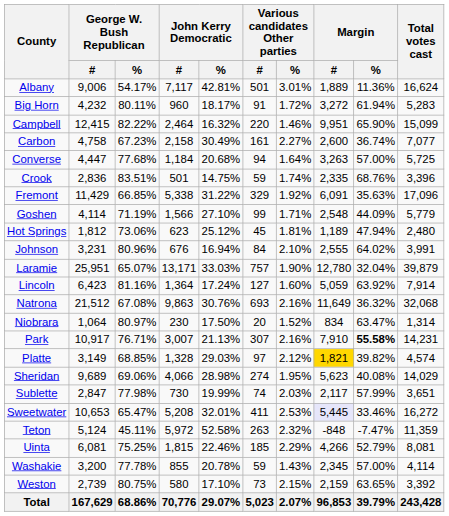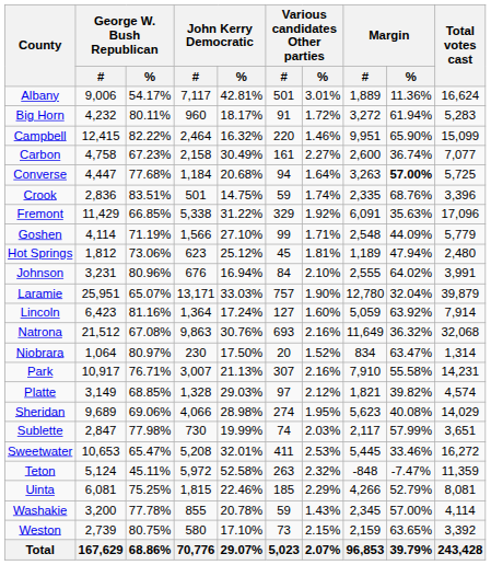 <table width="60%" class="wikitable sortable" style="text-align:center">
 <tr>
 <th style="text-align:center;" rowspan="2">County</th>
 <th style="text-align:center;" colspan="2">George W. Bush<br>Republican</th>
 <th style="text-align:center;" colspan="2">John Kerry<br>Democratic</th>
 <th style="text-align:center;" colspan="2">Various candidates<br>Other parties</th>
 <th style="text-align:center;" colspan="2">Margin</th>
 <th style="text-align:center;" rowspan="2" style="text-align:center;">Total votes cast</th>
 </tr>
 <tr>
 <th style="text-align:center;" data-sort-type="number">#</th>
 <th style="text-align:center;" data-sort-type="number">%</th>
 <th style="text-align:center;" data-sort-type="number">#</th>
 <th style="text-align:center;" data-sort-type="number">%</th>
 <th style="text-align:center;" data-sort-type="number">#</th>
 <th style="text-align:center;" data-sort-type="number">%</th>
 <th style="text-align:center;" data-sort-type="number">#</th>
 <th style="text-align:center;" data-sort-type="number">%</th>
 </tr>
 <tr style="text-align:center;">
 <td><a href='#'>Albany</a></td>
 <td>9,006</td>
 <td>54.17%</td>
 <td>7,117</td>
 <td>42.81%</td>
 <td>501</td>
 <td>3.01%</td>
 <td>1,889</td>
 <td>11.36%</td>
 <td>16,624</td>
 </tr>
 <tr style="text-align:center;">
 <td><a href='#'>Big Horn</a></td>
 <td>4,232</td>
 <td>80.11%</td>
 <td>960</td>
 <td>18.17%</td>
 <td>91</td>
 <td>1.72%</td>
 <td>3,272</td>
 <td>61.94%</td>
 <td>5,283</td>
 </tr>
 <tr style="text-align:center;">
 <td><a href='#'>Campbell</a></td>
 <td>12,415</td>
 <td>82.22%</td>
 <td>2,464</td>
 <td>16.32%</td>
 <td>220</td>
 <td>1.46%</td>
 <td>9,951</td>
 <td>65.90%</td>
 <td>15,099</td>
 </tr>
 <tr style="text-align:center;">
 <td><a href='#'>Carbon</a></td>
 <td>4,758</td>
 <td>67.23%</td>
 <td>2,158</td>
 <td>30.49%</td>
 <td>161</td>
 <td>2.27%</td>
 <td>2,600</td>
 <td>36.74%</td>
 <td>7,077</td>
 </tr>
 <tr style="text-align:center;">
 <td><a href='#'>Converse</a></td>
 <td>4,447</td>
 <td>77.68%</td>
 <td>1,184</td>
 <td>20.68%</td>
 <td>94</td>
 <td>1.64%</td>
 <td>3,263</td>
-<td>57.00%</td>
+<td><strong>57.00%</strong></td>
 <td>5,725</td>
 </tr>
 <tr style="text-align:center;">
 <td><a href='#'>Crook</a></td>
 <td>2,836</td>
 <td>83.51%</td>
 <td>501</td>
 <td>14.75%</td>
 <td>59</td>
 <td>1.74%</td>
 <td>2,335</td>
 <td>68.76%</td>
 <td>3,396</td>
 </tr>
 <tr style="text-align:center;">
 <td><a href='#'>Fremont</a></td>
 <td>11,429</td>
 <td>66.85%</td>
 <td>5,338</td>
 <td>31.22%</td>
 <td>329</td>
 <td>1.92%</td>
 <td>6,091</td>
 <td>35.63%</td>
 <td>17,096</td>
 </tr>
 <tr style="text-align:center;">
 <td><a href='#'>Goshen</a></td>
 <td>4,114</td>
 <td>71.19%</td>
 <td>1,566</td>
 <td>27.10%</td>
 <td>99</td>
 <td>1.71%</td>
 <td>2,548</td>
 <td>44.09%</td>
 <td>5,779</td>
 </tr>
 <tr style="text-align:center;">
 <td><a href='#'>Hot Springs</a></td>
 <td>1,812</td>
 <td>73.06%</td>
 <td>623</td>
 <td>25.12%</td>
 <td>45</td>
 <td>1.81%</td>
 <td>1,189</td>
 <td>47.94%</td>
 <td>2,480</td>
 </tr>
 <tr style="text-align:center;">
 <td><a href='#'>Johnson</a></td>
 <td>3,231</td>
 <td>80.96%</td>
 <td>676</td>
 <td>16.94%</td>
 <td>84</td>
 <td>2.10%</td>
 <td>2,555</td>
 <td>64.02%</td>
 <td>3,991</td>
 </tr>
 <tr style="text-align:center;">
 <td><a href='#'>Laramie</a></td>
 <td>25,951</td>
 <td>65.07%</td>
 <td>13,171</td>
 <td>33.03%</td>
 <td>757</td>
 <td>1.90%</td>
 <td>12,780</td>
 <td>32.04%</td>
 <td>39,879</td>
 </tr>
 <tr style="text-align:center;">
 <td><a href='#'>Lincoln</a></td>
 <td>6,423</td>
 <td>81.16%</td>
 <td>1,364</td>
 <td>17.24%</td>
 <td>127</td>
 <td>1.60%</td>
 <td>5,059</td>
 <td>63.92%</td>
 <td>7,914</td>
 </tr>
 <tr style="text-align:center;">
 <td><a href='#'>Natrona</a></td>
 <td>21,512</td>
 <td>67.08%</td>
 <td>9,863</td>
 <td>30.76%</td>
 <td>693</td>
 <td>2.16%</td>
 <td>11,649</td>
 <td>36.32%</td>
 <td>32,068</td>
 </tr>
 <tr style="text-align:center;">
 <td><a href='#'>Niobrara</a></td>
 <td>1,064</td>
 <td>80.97%</td>
 <td>230</td>
 <td>17.50%</td>
 <td>20</td>
 <td>1.52%</td>
 <td>834</td>
 <td>63.47%</td>
 <td>1,314</td>
 </tr>
 <tr style="text-align:center;">
 <td><a href='#'>Park</a></td>
 <td>10,917</td>
 <td>76.71%</td>
 <td>3,007</td>
 <td>21.13%</td>
 <td>307</td>
 <td>2.16%</td>
 <td>7,910</td>
-<td><strong>55.58%</strong></td>
+<td>55.58%</td>
 <td>14,231</td>
 </tr>
 <tr style="text-align:center;">
 <td><a href='#'>Platte</a></td>
 <td>3,149</td>
 <td>68.85%</td>
 <td>1,328</td>
 <td>29.03%</td>
 <td>97</td>
 <td>2.12%</td>
-<td style="background: gold;">1,821</td>
+<td>1,821</td>
 <td>39.82%</td>
 <td>4,574</td>
 </tr>
 <tr style="text-align:center;">
 <td><a href='#'>Sheridan</a></td>
 <td>9,689</td>
 <td>69.06%</td>
 <td>4,066</td>
 <td>28.98%</td>
 <td>274</td>
 <td>1.95%</td>
 <td>5,623</td>
 <td>40.08%</td>
 <td>14,029</td>
 </tr>
 <tr style="text-align:center;">
 <td><a href='#'>Sublette</a></td>
 <td>2,847</td>
 <td>77.98%</td>
 <td>730</td>
 <td>19.99%</td>
 <td>74</td>
 <td>2.03%</td>
 <td>2,117</td>
 <td>57.99%</td>
 <td>3,651</td>
 </tr>
 <tr style="text-align:center;">
 <td><a href='#'>Sweetwater</a></td>
 <td>10,653</td>
 <td>65.47%</td>
 <td>5,208</td>
 <td>32.01%</td>
 <td>411</td>
 <td>2.53%</td>
-<td style="background: lavender;">5,445</td>
+<td>5,445</td>
 <td>33.46%</td>
 <td>16,272</td>
 </tr>
 <tr style="text-align:center;">
 <td><a href='#'>Teton</a></td>
 <td>5,124</td>
 <td>45.11%</td>
 <td>5,972</td>
 <td>52.58%</td>
 <td>263</td>
 <td>2.32%</td>
 <td>-848</td>
 <td>-7.47%</td>
 <td>11,359</td>
 </tr>
 <tr style="text-align:center;">
 <td><a href='#'>Uinta</a></td>
 <td>6,081</td>
 <td>75.25%</td>
 <td>1,815</td>
 <td>22.46%</td>
 <td>185</td>
 <td>2.29%</td>
 <td>4,266</td>
 <td>52.79%</td>
 <td>8,081</td>
 </tr>
 <tr style="text-align:center;">
 <td><a href='#'>Washakie</a></td>
 <td>3,200</td>
 <td>77.78%</td>
 <td>855</td>
 <td>20.78%</td>
 <td>59</td>
 <td>1.43%</td>
 <td>2,345</td>
 <td>57.00%</td>
 <td>4,114</td>
 </tr>
 <tr style="text-align:center;">
 <td><a href='#'>Weston</a></td>
 <td>2,739</td>
 <td>80.75%</td>
 <td>580</td>
 <td>17.10%</td>
 <td>73</td>
 <td>2.15%</td>
 <td>2,159</td>
 <td>63.65%</td>
 <td>3,392</td>
 </tr>
 <tr style="text-align:center;">
 <th>Total</th>
 <th>167,629</th>
 <th>68.86%</th>
 <th>70,776</th>
 <th>29.07%</th>
 <th>5,023</th>
 <th>2.07%</th>
 <th>96,853</th>
 <th>39.79%</th>
 <th>243,428</th>
 </tr>
 </table>
